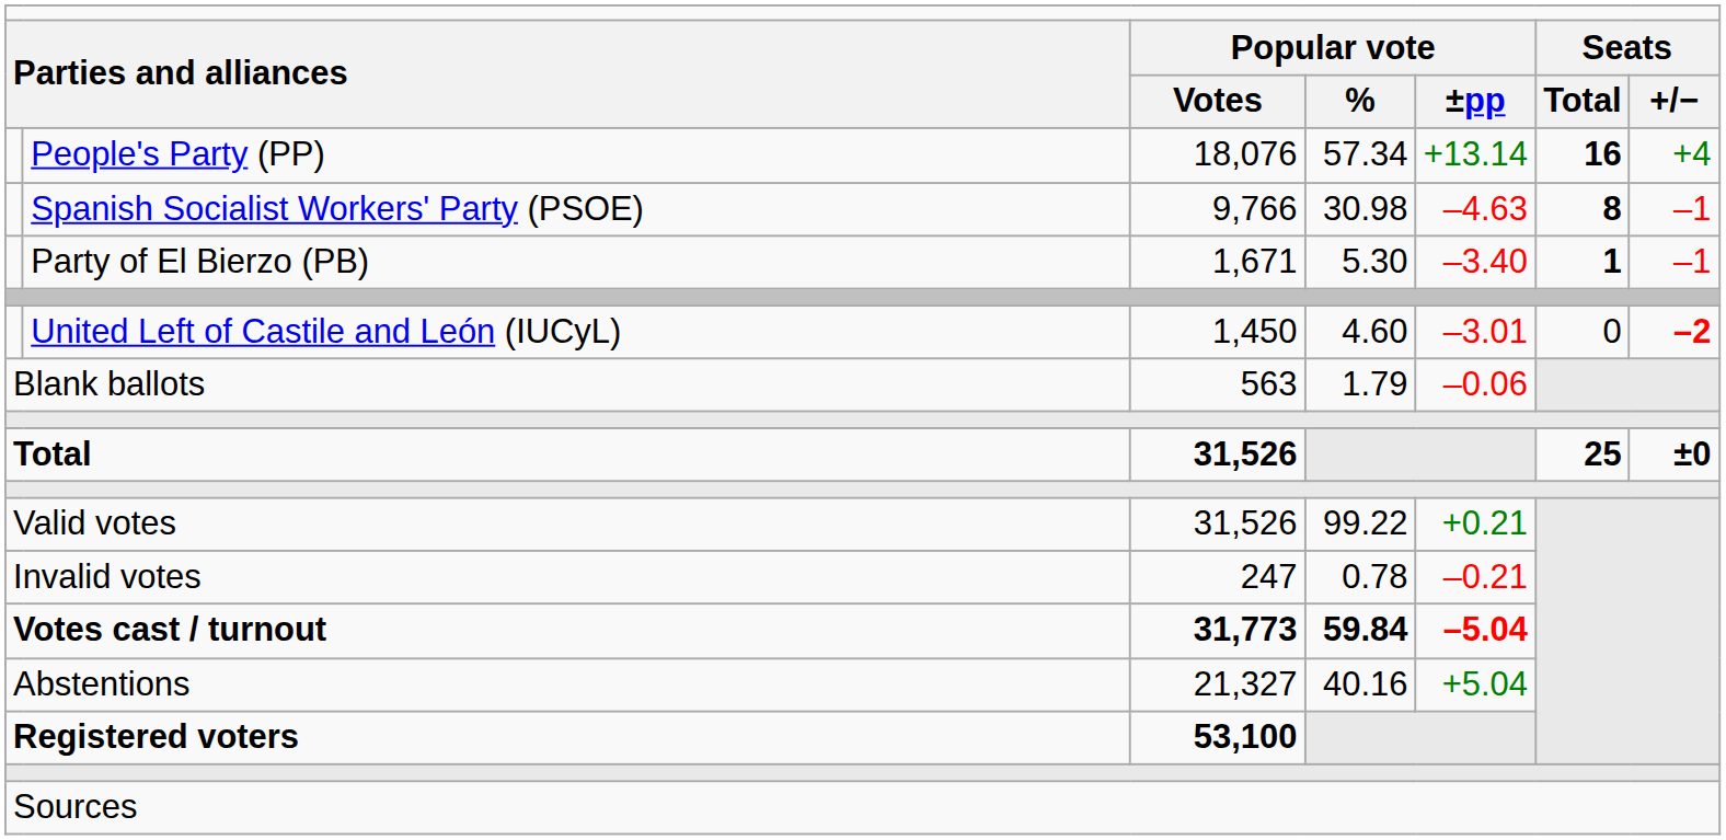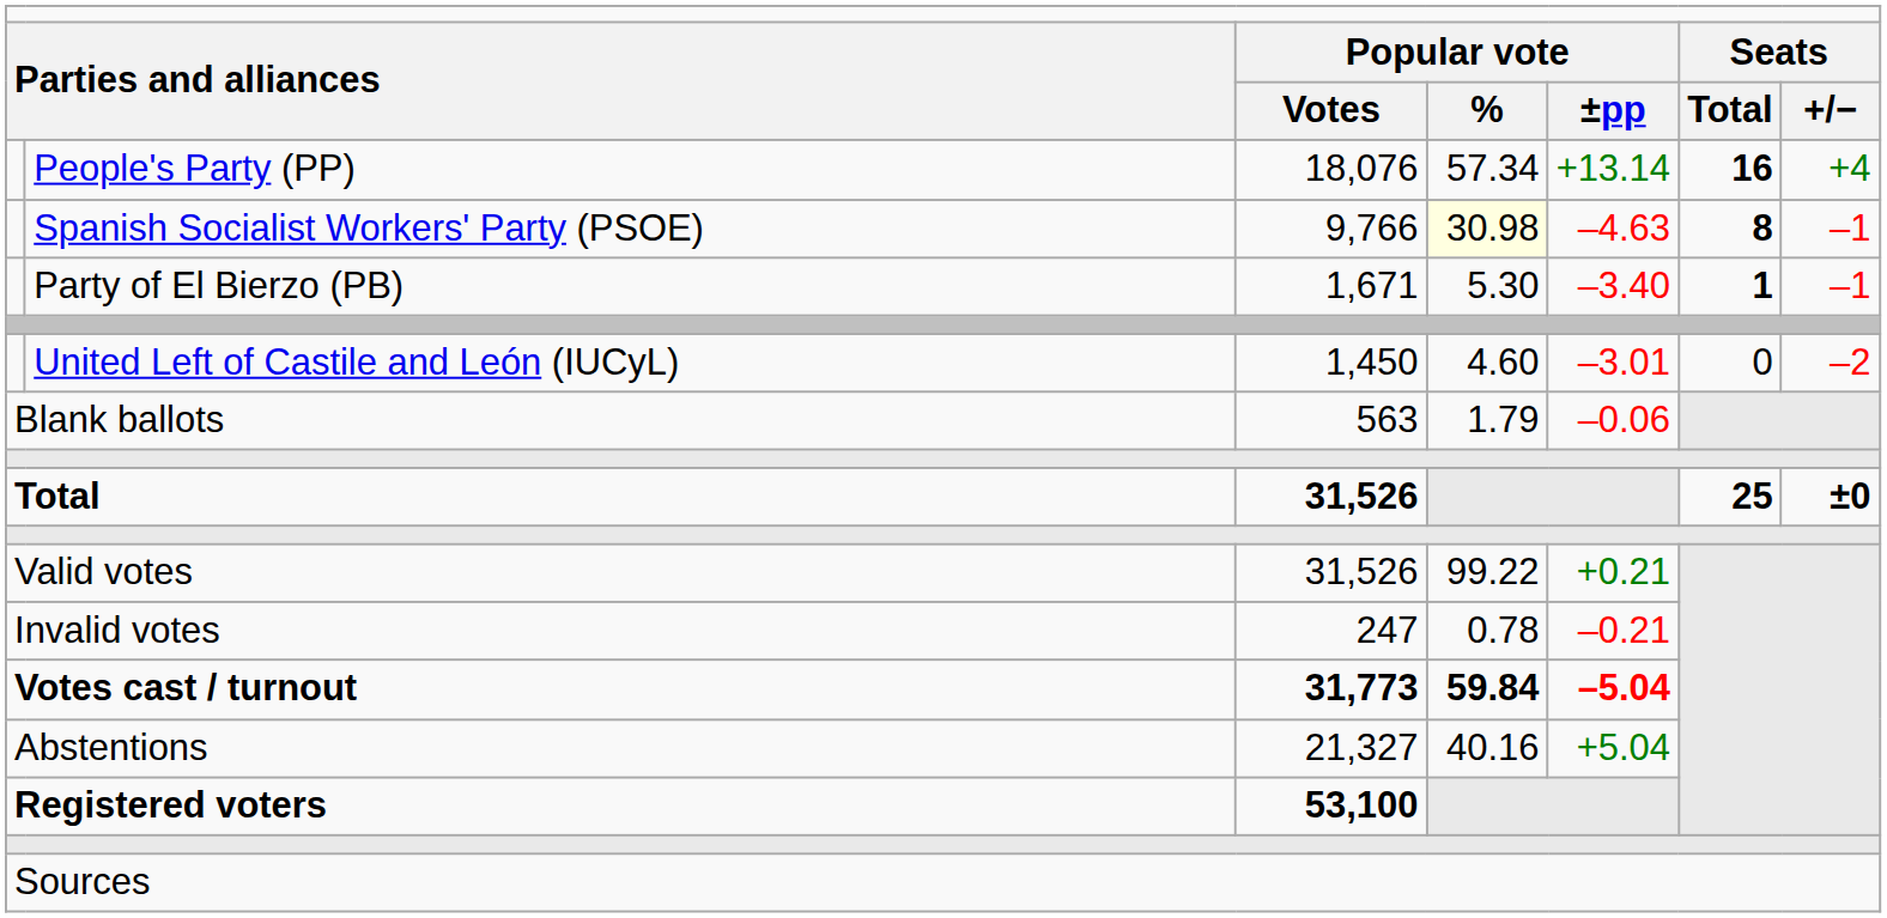 <table class="wikitable" style="text-align:right;">
 <tr>
 <td colspan="7"></td>
 </tr>
 <tr>
 <th style="text-align:left;" rowspan="2" colspan="2" width="525">Parties and alliances</th>
 <th colspan="3">Popular vote</th>
 <th colspan="2">Seats</th>
 </tr>
 <tr>
 <th width="75">Votes</th>
 <th width="45">%</th>
 <th width="45">±<a href='#'>pp</a></th>
 <th width="35">Total</th>
 <th width="35">+/−</th>
 </tr>
 <tr>
 <td width="1" style="color:inherit;background:"></td>
 <td align="left"><a href='#'>People's Party</a> (PP)</td>
 <td>18,076</td>
 <td>57.34</td>
 <td style="color:green;">+13.14</td>
 <td><strong>16</strong></td>
 <td style="color:green;">+4</td>
 </tr>
 <tr>
 <td style="color:inherit;background:"></td>
 <td align="left"><a href='#'>Spanish Socialist Workers' Party</a> (PSOE)</td>
 <td>9,766</td>
-<td>30.98</td>
+<td style="background: lightyellow;">30.98</td>
 <td style="color:red;">–4.63</td>
 <td><strong>8</strong></td>
 <td style="color:red;">–1</td>
 </tr>
 <tr>
 <td style="color:inherit;background:"></td>
 <td align="left">Party of El Bierzo (PB)</td>
 <td>1,671</td>
 <td>5.30</td>
 <td style="color:red;">–3.40</td>
 <td><strong>1</strong></td>
 <td style="color:red;">–1</td>
 </tr>
 <tr>
 <td colspan="7" bgcolor="#C0C0C0"></td>
 </tr>
 <tr>
 <td style="color:inherit;background:"></td>
 <td align="left"><a href='#'>United Left of Castile and León</a> (IUCyL)</td>
 <td>1,450</td>
 <td>4.60</td>
 <td style="color:red;">–3.01</td>
 <td>0</td>
-<td style="color:red;"><strong>–2</strong></td>
+<td style="color:red;">–2</td>
 </tr>
 <tr>
 <td align="left" colspan="2">Blank ballots</td>
 <td>563</td>
 <td>1.79</td>
 <td style="color:red;">–0.06</td>
 <td bgcolor="#E9E9E9" colspan="2"></td>
 </tr>
 <tr>
 <td colspan="7" bgcolor="#E9E9E9"></td>
 </tr>
 <tr style="font-weight:bold;">
 <td align="left" colspan="2">Total</td>
 <td>31,526</td>
 <td bgcolor="#E9E9E9" colspan="2"></td>
 <td>25</td>
 <td>±0</td>
 </tr>
 <tr>
 <td colspan="7" bgcolor="#E9E9E9"></td>
 </tr>
 <tr>
 <td align="left" colspan="2">Valid votes</td>
 <td>31,526</td>
 <td>99.22</td>
 <td style="color:green;">+0.21</td>
 <td bgcolor="#E9E9E9" colspan="2" rowspan="5"></td>
 </tr>
 <tr>
 <td align="left" colspan="2">Invalid votes</td>
 <td>247</td>
 <td>0.78</td>
 <td style="color:red;">–0.21</td>
 </tr>
 <tr style="font-weight:bold;">
 <td align="left" colspan="2">Votes cast / turnout</td>
 <td>31,773</td>
 <td>59.84</td>
 <td style="color:red;">–5.04</td>
 </tr>
 <tr>
 <td align="left" colspan="2">Abstentions</td>
 <td>21,327</td>
 <td>40.16</td>
 <td style="color:green;">+5.04</td>
 </tr>
 <tr style="font-weight:bold;">
 <td align="left" colspan="2">Registered voters</td>
 <td>53,100</td>
 <td bgcolor="#E9E9E9" colspan="2"></td>
 </tr>
 <tr>
 <td colspan="7" bgcolor="#E9E9E9"></td>
 </tr>
 <tr>
 <td align="left" colspan="7">Sources</td>
 </tr>
 </table>
